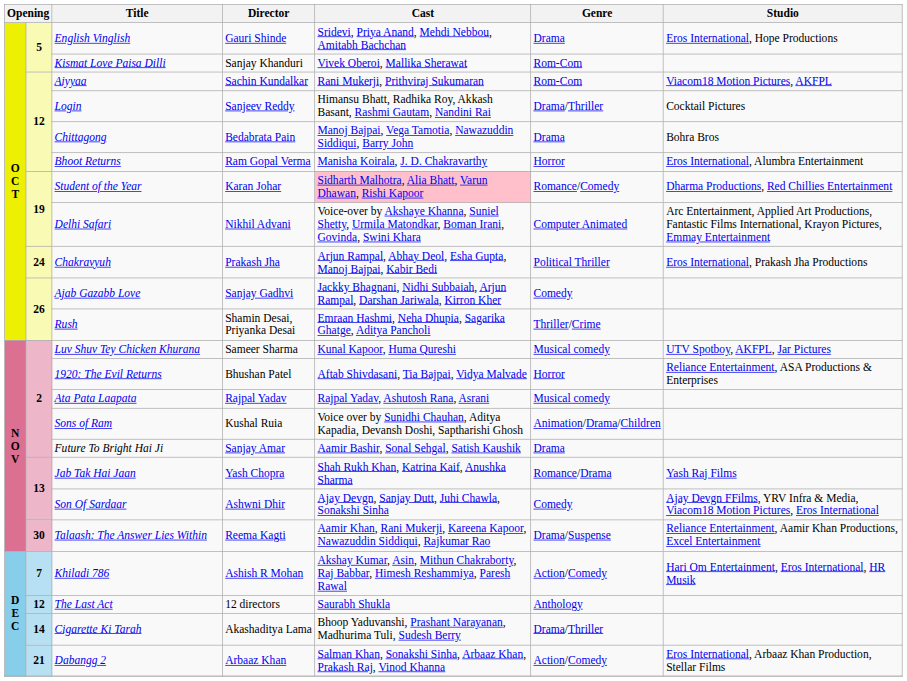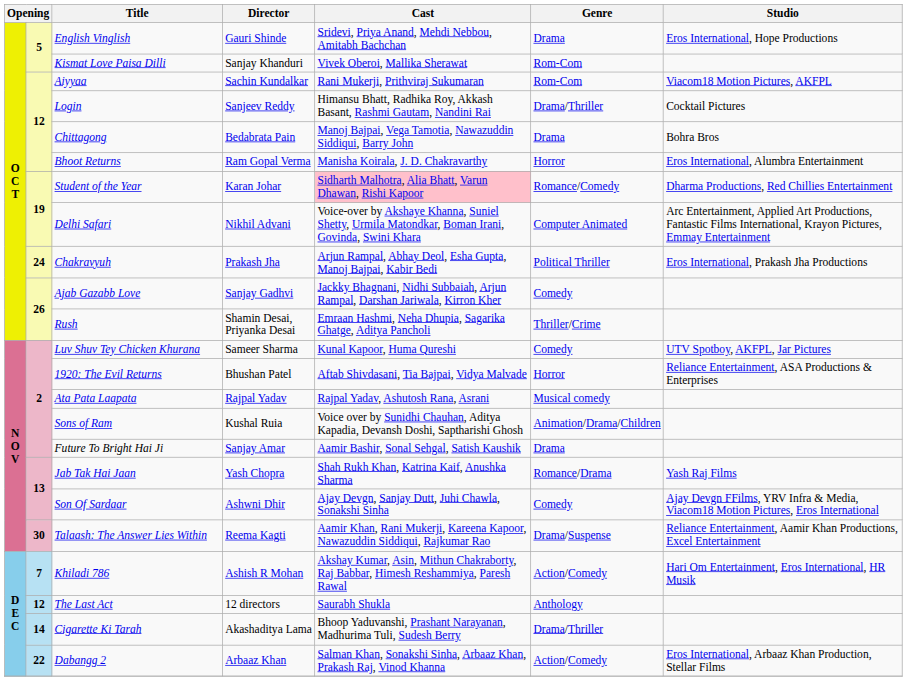 <table class="wikitable sortable">
 <tr style="background:#b0e0e66; text-align:center;">
 <th colspan="2">Opening</th>
 <th style="width:19%;">Title</th>
 <th>Director</th>
 <th>Cast</th>
 <th>Genre</th>
 <th>Studio</th>
 </tr>
 <tr>
 <td rowspan="11" style="text-align:center; background:#eef003;"><strong>O<br>C<br>T</strong></td>
 <td rowspan="2" style="text-align:center; background:#f9fab3; textcolor:#000;"><strong>5</strong></td>
 <td><em><a href='#'>English Vinglish</a></em></td>
 <td><a href='#'>Gauri Shinde</a></td>
 <td><a href='#'>Sridevi</a>, <a href='#'>Priya Anand</a>, <a href='#'>Mehdi Nebbou</a>, <a href='#'>Amitabh Bachchan</a></td>
 <td><a href='#'>Drama</a></td>
 <td><a href='#'>Eros International</a>, Hope Productions</td>
 </tr>
 <tr>
 <td><em><a href='#'>Kismat Love Paisa Dilli</a></em></td>
 <td>Sanjay Khanduri</td>
 <td><a href='#'>Vivek Oberoi</a>, <a href='#'>Mallika Sherawat</a></td>
 <td><a href='#'>Rom-Com</a></td>
 <td></td>
 </tr>
 <tr>
 <td rowspan="4" style="text-align:center; background:#f9fab3; textcolor:#000;"><strong>12</strong></td>
 <td><em><a href='#'>Aiyyaa</a></em></td>
 <td><a href='#'>Sachin Kundalkar</a></td>
 <td><a href='#'>Rani Mukerji</a>, <a href='#'>Prithviraj Sukumaran</a></td>
 <td><a href='#'>Rom-Com</a></td>
 <td><a href='#'>Viacom18 Motion Pictures</a>, <a href='#'>AKFPL</a></td>
 </tr>
 <tr>
 <td><em><a href='#'>Login</a></em></td>
 <td><a href='#'>Sanjeev Reddy</a></td>
 <td>Himansu Bhatt, Radhika Roy, Akkash Basant, <a href='#'>Rashmi Gautam</a>, <a href='#'>Nandini Rai</a></td>
 <td><a href='#'>Drama</a>/<a href='#'>Thriller</a></td>
 <td>Cocktail Pictures</td>
 </tr>
 <tr>
 <td><em><a href='#'>Chittagong</a></em></td>
 <td><a href='#'>Bedabrata Pain</a></td>
 <td><a href='#'>Manoj Bajpai</a>, <a href='#'>Vega Tamotia</a>, <a href='#'>Nawazuddin Siddiqui</a>, <a href='#'>Barry John</a></td>
 <td><a href='#'>Drama</a></td>
 <td>Bohra Bros</td>
 </tr>
 <tr>
 <td><em><a href='#'>Bhoot Returns</a></em></td>
 <td><a href='#'>Ram Gopal Verma</a></td>
 <td><a href='#'>Manisha Koirala</a>, <a href='#'>J. D. Chakravarthy</a></td>
 <td><a href='#'>Horror</a></td>
 <td><a href='#'>Eros International</a>, Alumbra Entertainment</td>
 </tr>
 <tr>
 <td rowspan="2" style="text-align:center; background:#f9fab3; textcolor:#000;"><strong>19</strong></td>
 <td><em><a href='#'>Student of the Year</a></em></td>
 <td><a href='#'>Karan Johar</a></td>
 <td style="background: pink;"><a href='#'>Sidharth Malhotra</a>, <a href='#'>Alia Bhatt</a>, <a href='#'>Varun Dhawan</a>, <a href='#'>Rishi Kapoor</a></td>
 <td><a href='#'>Romance</a>/<a href='#'>Comedy</a></td>
 <td><a href='#'>Dharma Productions</a>, <a href='#'>Red Chillies Entertainment</a></td>
 </tr>
 <tr>
 <td><em><a href='#'>Delhi Safari</a></em></td>
 <td><a href='#'>Nikhil Advani</a></td>
 <td>Voice-over by <a href='#'>Akshaye Khanna</a>, <a href='#'>Suniel Shetty</a>, <a href='#'>Urmila Matondkar</a>, <a href='#'>Boman Irani</a>, <a href='#'>Govinda</a>, <a href='#'>Swini Khara</a></td>
 <td><a href='#'>Computer Animated</a></td>
 <td>Arc Entertainment, Applied Art Productions, Fantastic Films International, Krayon Pictures, <a href='#'>Emmay Entertainment</a></td>
 </tr>
 <tr>
 <td style="text-align:center; background:#f9fab3; textcolor:#000;"><strong>24</strong></td>
 <td><em><a href='#'>Chakravyuh</a></em></td>
 <td><a href='#'>Prakash Jha</a></td>
 <td><a href='#'>Arjun Rampal</a>, <a href='#'>Abhay Deol</a>, <a href='#'>Esha Gupta</a>, <a href='#'>Manoj Bajpai</a>, <a href='#'>Kabir Bedi</a></td>
 <td><a href='#'>Political Thriller</a></td>
 <td><a href='#'>Eros International</a>, Prakash Jha Productions</td>
 </tr>
 <tr>
 <td rowspan="2" style="text-align:center; background:#f9fab3; textcolor:#000;"><strong>26</strong></td>
 <td><em><a href='#'>Ajab Gazabb Love</a></em></td>
 <td><a href='#'>Sanjay Gadhvi</a></td>
 <td><a href='#'>Jackky Bhagnani</a>, <a href='#'>Nidhi Subbaiah</a>, <a href='#'>Arjun Rampal</a>, <a href='#'>Darshan Jariwala</a>, <a href='#'>Kirron Kher</a></td>
 <td><a href='#'>Comedy</a></td>
 <td></td>
 </tr>
 <tr>
 <td><em><a href='#'>Rush</a></em></td>
 <td>Shamin Desai, Priyanka Desai</td>
 <td><a href='#'>Emraan Hashmi</a>, <a href='#'>Neha Dhupia</a>, <a href='#'>Sagarika Ghatge</a>, <a href='#'>Aditya Pancholi</a></td>
 <td><a href='#'>Thriller</a>/<a href='#'>Crime</a></td>
 <td></td>
 </tr>
 <tr>
 <td rowspan="8" style="text-align:center; background:#db7093;"><strong>N<br>O<br>V</strong></td>
 <td rowspan="5" style="text-align:center; background:#edb7c9; textcolor:#000;"><strong>2</strong></td>
 <td><em><a href='#'>Luv Shuv Tey Chicken Khurana</a></em></td>
 <td>Sameer Sharma</td>
 <td><a href='#'>Kunal Kapoor</a>, <a href='#'>Huma Qureshi</a></td>
-<td><a href='#'>Musical comedy</a></td>
+<td><a href='#'>Comedy</a></td>
 <td><a href='#'>UTV Spotboy</a>, <a href='#'>AKFPL</a>, <a href='#'>Jar Pictures</a></td>
 </tr>
 <tr>
 <td><em><a href='#'>1920: The Evil Returns</a></em></td>
 <td>Bhushan Patel</td>
 <td><a href='#'>Aftab Shivdasani</a>, <a href='#'>Tia Bajpai</a>, <a href='#'>Vidya Malvade</a></td>
 <td><a href='#'>Horror</a></td>
 <td><a href='#'>Reliance Entertainment</a>, ASA Productions & Enterprises</td>
 </tr>
 <tr>
 <td><em><a href='#'>Ata Pata Laapata</a></em></td>
 <td><a href='#'>Rajpal Yadav</a></td>
 <td><a href='#'>Rajpal Yadav</a>, <a href='#'>Ashutosh Rana</a>, <a href='#'>Asrani</a></td>
 <td><a href='#'>Musical comedy</a></td>
 <td></td>
 </tr>
 <tr>
 <td><em><a href='#'>Sons of Ram</a></em></td>
 <td>Kushal Ruia</td>
 <td>Voice over by <a href='#'>Sunidhi Chauhan</a>, Aditya Kapadia, Devansh Doshi, Saptharishi Ghosh</td>
 <td><a href='#'>Animation</a>/<a href='#'>Drama</a>/<a href='#'>Children</a></td>
 <td></td>
 </tr>
 <tr>
 <td><em>Future To Bright Hai Ji</em></td>
 <td><a href='#'>Sanjay Amar</a></td>
 <td><a href='#'>Aamir Bashir</a>, <a href='#'>Sonal Sehgal</a>, <a href='#'>Satish Kaushik</a></td>
 <td><a href='#'>Drama</a></td>
 <td></td>
 </tr>
 <tr>
 <td rowspan="2" style="text-align:center; background:#edb7c9; textcolor:#000;"><strong>13</strong></td>
 <td><em><a href='#'>Jab Tak Hai Jaan</a></em></td>
 <td><a href='#'>Yash Chopra</a></td>
 <td><a href='#'>Shah Rukh Khan</a>, <a href='#'>Katrina Kaif</a>, <a href='#'>Anushka Sharma</a></td>
 <td><a href='#'>Romance</a>/<a href='#'>Drama</a></td>
 <td><a href='#'>Yash Raj Films</a></td>
 </tr>
 <tr>
 <td><em><a href='#'>Son Of Sardaar</a></em></td>
 <td><a href='#'>Ashwni Dhir</a></td>
 <td><a href='#'>Ajay Devgn</a>, <a href='#'>Sanjay Dutt</a>, <a href='#'>Juhi Chawla</a>, <a href='#'>Sonakshi Sinha</a></td>
 <td><a href='#'>Comedy</a></td>
 <td><a href='#'>Ajay Devgn FFilms</a>, YRV Infra & Media, <a href='#'>Viacom18 Motion Pictures</a>, <a href='#'>Eros International</a></td>
 </tr>
 <tr>
 <td style="text-align:center; background:#edb7c9; textcolor:#000;"><strong>30</strong></td>
 <td><em><a href='#'>Talaash: The Answer Lies Within</a></em></td>
 <td><a href='#'>Reema Kagti</a></td>
 <td><a href='#'>Aamir Khan</a>, <a href='#'>Rani Mukerji</a>, <a href='#'>Kareena Kapoor</a>, <a href='#'>Nawazuddin Siddiqui</a>, <a href='#'>Rajkumar Rao</a></td>
 <td><a href='#'>Drama</a>/<a href='#'>Suspense</a></td>
 <td><a href='#'>Reliance Entertainment</a>, Aamir Khan Productions, <a href='#'>Excel Entertainment</a></td>
 </tr>
 <tr>
 <td rowspan="4" style="text-align:center; background:skyBlue;"><strong>D<br>E<br>C</strong></td>
 <td style="text-align:center; textcolor:#000; background:#b7e1f3;"><strong>7</strong></td>
 <td><em><a href='#'>Khiladi 786</a></em></td>
 <td><a href='#'>Ashish R Mohan</a></td>
 <td><a href='#'>Akshay Kumar</a>, <a href='#'>Asin</a>, <a href='#'>Mithun Chakraborty</a>, <a href='#'>Raj Babbar</a>, <a href='#'>Himesh Reshammiya</a>, <a href='#'>Paresh Rawal</a></td>
 <td><a href='#'>Action</a>/<a href='#'>Comedy</a></td>
 <td><a href='#'>Hari Om Entertainment</a>, <a href='#'>Eros International</a>, <a href='#'>HR Musik</a></td>
 </tr>
 <tr>
 <td style="text-align:center; textcolor:#000; background:#b7e1f3;"><strong>12</strong></td>
 <td><em><a href='#'>The Last Act</a></em></td>
 <td>12 directors</td>
 <td><a href='#'>Saurabh Shukla</a></td>
 <td><a href='#'>Anthology</a></td>
 <td></td>
 </tr>
 <tr>
 <td style="text-align:center; textcolor:#000; background:#b7e1f3;"><strong>14</strong></td>
 <td><em><a href='#'>Cigarette Ki Tarah</a></em></td>
 <td>Akashaditya Lama</td>
 <td>Bhoop Yaduvanshi, <a href='#'>Prashant Narayanan</a>, Madhurima Tuli, <a href='#'>Sudesh Berry</a></td>
 <td><a href='#'>Drama</a>/<a href='#'>Thriller</a></td>
 <td></td>
 </tr>
 <tr>
-<td style="text-align:center; textcolor:#000; background:#b7e1f3;"><strong>21</strong></td>
+<td style="text-align:center; textcolor:#000; background:#b7e1f3;"><strong>22</strong></td>
 <td><em><a href='#'>Dabangg 2</a></em></td>
 <td><a href='#'>Arbaaz Khan</a></td>
 <td><a href='#'>Salman Khan</a>, <a href='#'>Sonakshi Sinha</a>, <a href='#'>Arbaaz Khan</a>, <a href='#'>Prakash Raj</a>, <a href='#'>Vinod Khanna</a></td>
 <td><a href='#'>Action</a>/<a href='#'>Comedy</a></td>
 <td><a href='#'>Eros International</a>, Arbaaz Khan Production, Stellar Films</td>
 </tr>
 <tr>
 </tr>
 </table>
